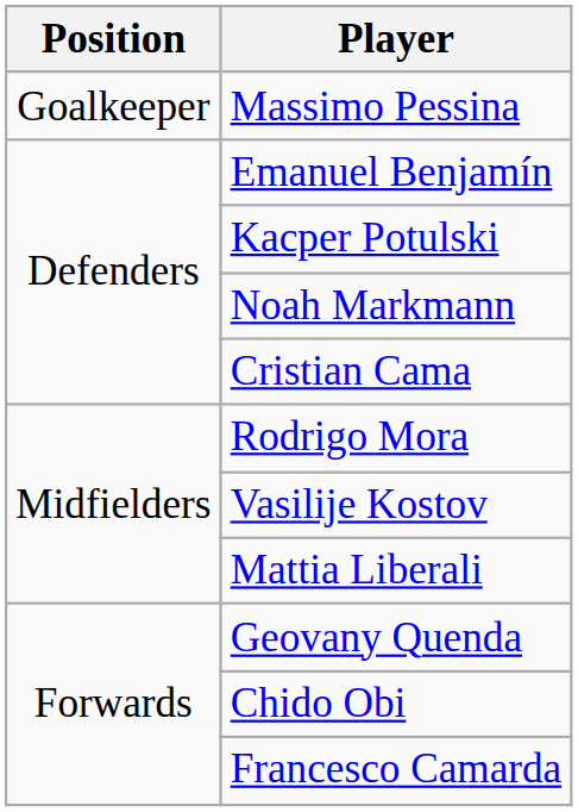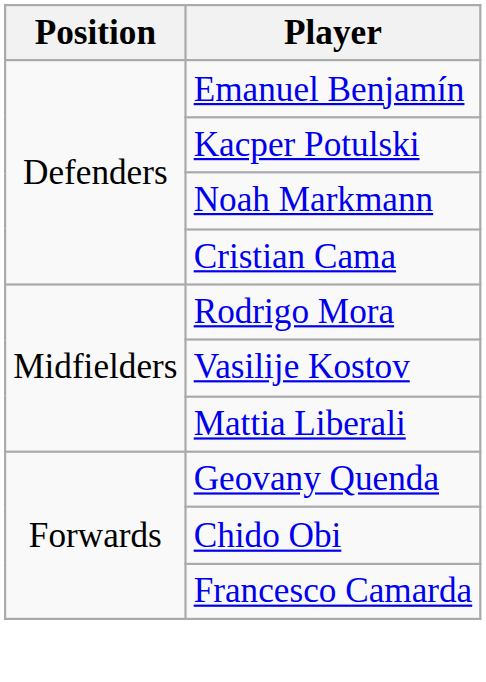 <table class="wikitable" style="text-align:center">
 <tr>
 <th>Position</th>
 <th>Player</th>
-</tr>
-<tr>
-<td>Goalkeeper</td>
-<td align=left> <a href='#'>Massimo Pessina</a></td>
 </tr>
 <tr>
 <td rowspan=4>Defenders</td>
 <td align=left> <a href='#'>Emanuel Benjamín</a></td>
 </tr>
 <tr>
 <td align=left> <a href='#'>Kacper Potulski</a></td>
 </tr>
 <tr>
 <td align=left> <a href='#'>Noah Markmann</a></td>
 </tr>
 <tr>
 <td align=left> <a href='#'>Cristian Cama</a></td>
 </tr>
 <tr>
 <td rowspan=3>Midfielders</td>
 <td align=left> <a href='#'>Rodrigo Mora</a></td>
 </tr>
 <tr>
 <td align=left> <a href='#'>Vasilije Kostov</a></td>
 </tr>
 <tr>
 <td align=left> <a href='#'>Mattia Liberali</a></td>
 </tr>
 <tr>
 <td rowspan=3>Forwards</td>
 <td align=left> <a href='#'>Geovany Quenda</a></td>
 </tr>
 <tr>
 <td align=left> <a href='#'>Chido Obi</a></td>
 </tr>
 <tr>
 <td align=left> <a href='#'>Francesco Camarda</a></td>
 </tr>
 </table>
